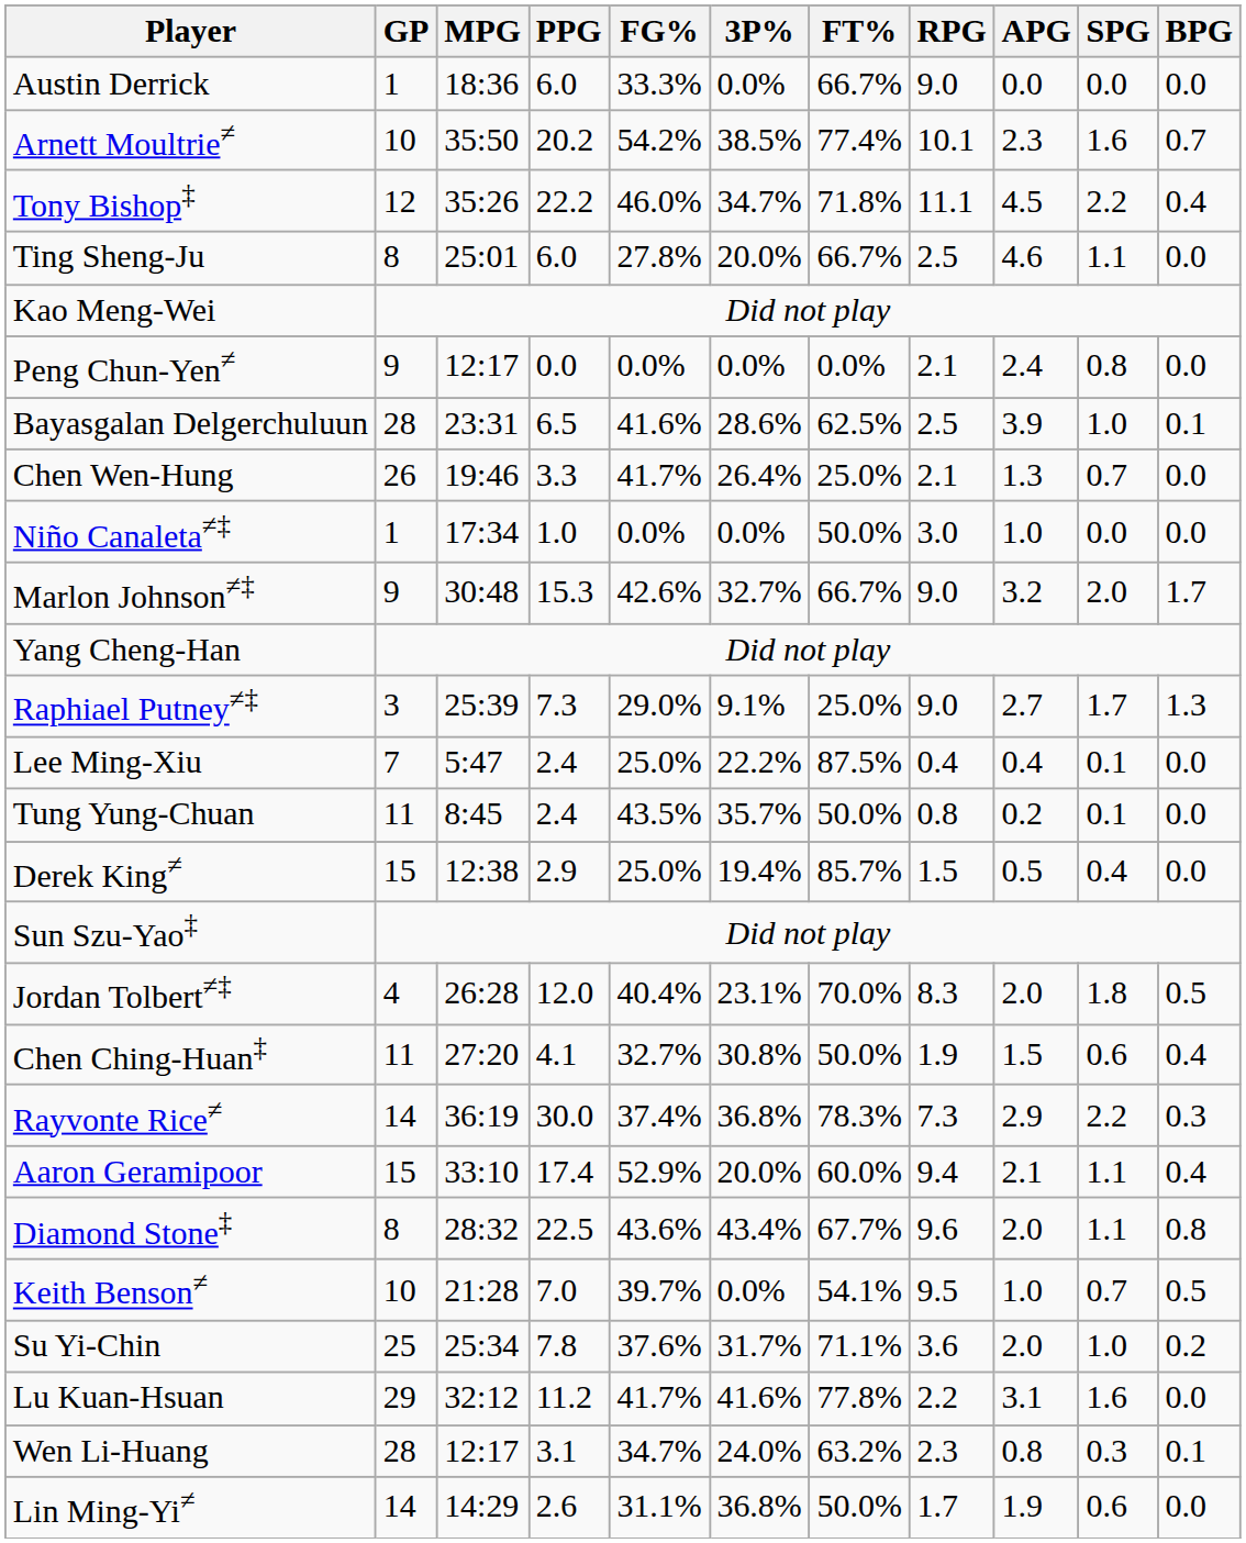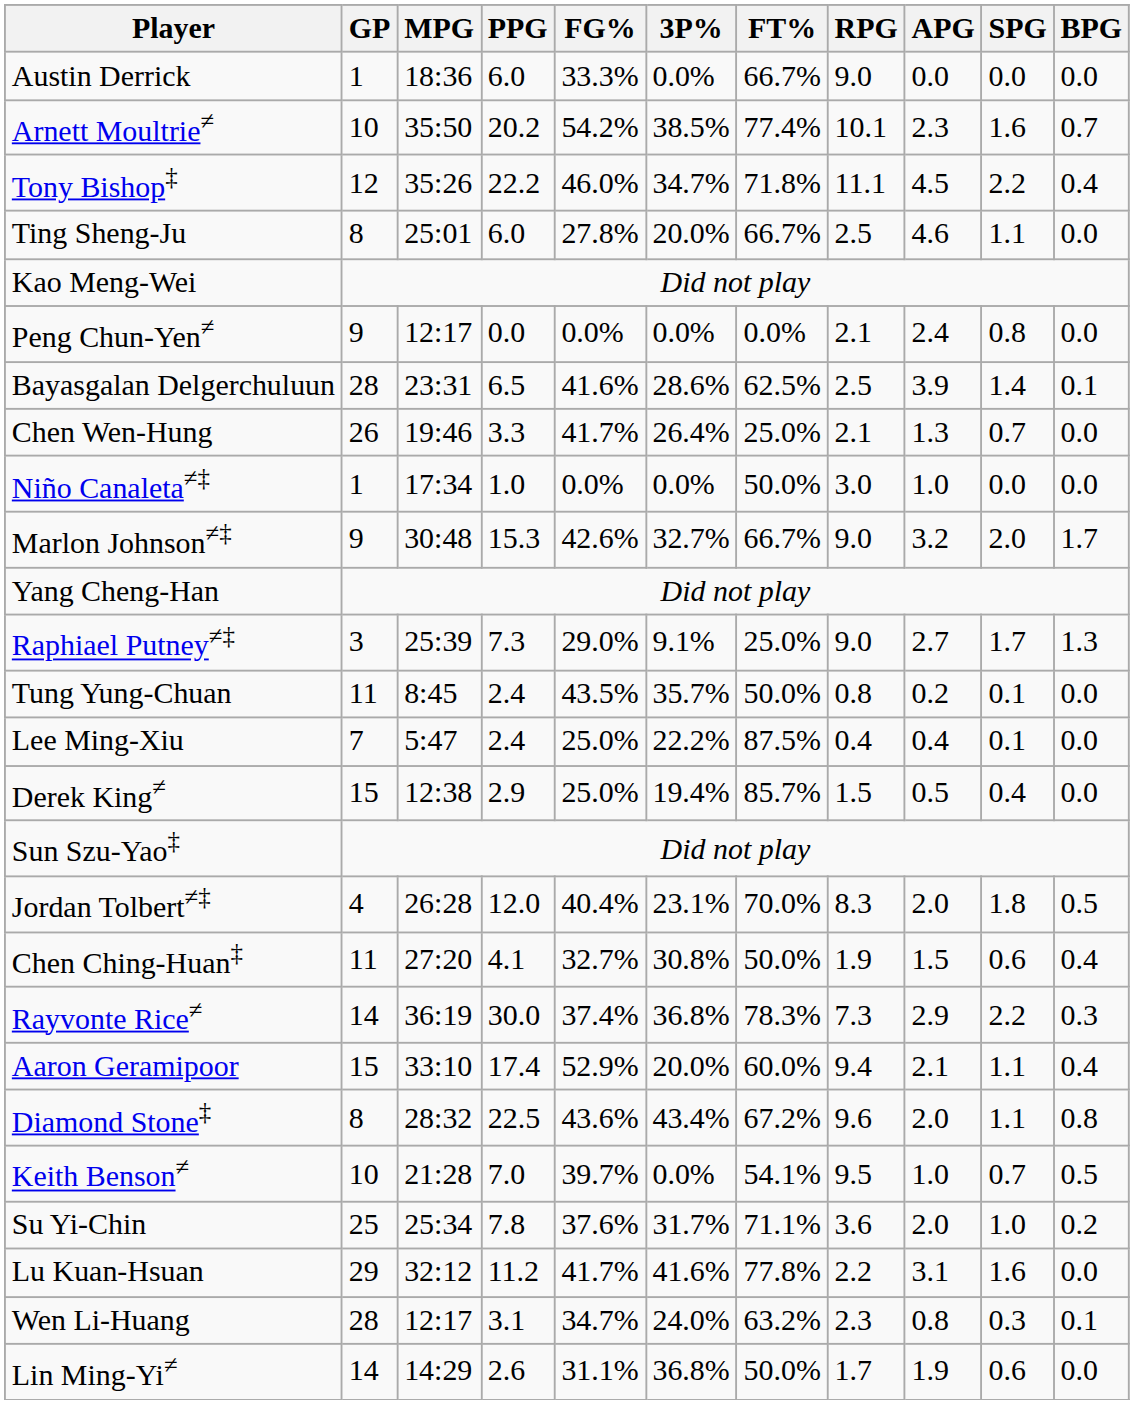 <table class="wikitable">
 <tr>
 <th>Player</th>
 <th>GP</th>
 <th>MPG</th>
 <th>PPG</th>
 <th>FG%</th>
 <th>3P%</th>
 <th>FT%</th>
 <th>RPG</th>
 <th>APG</th>
 <th>SPG</th>
 <th>BPG</th>
 </tr>
 <tr>
 <td>Austin Derrick</td>
 <td>1</td>
 <td>18:36</td>
 <td>6.0</td>
 <td>33.3%</td>
 <td>0.0%</td>
 <td>66.7%</td>
 <td>9.0</td>
 <td>0.0</td>
 <td>0.0</td>
 <td>0.0</td>
 </tr>
 <tr>
 <td><a href='#'>Arnett Moultrie</a><sup>≠</sup></td>
 <td>10</td>
 <td>35:50</td>
 <td>20.2</td>
 <td>54.2%</td>
 <td>38.5%</td>
 <td>77.4%</td>
 <td>10.1</td>
 <td>2.3</td>
 <td>1.6</td>
 <td>0.7</td>
 </tr>
 <tr>
 <td><a href='#'>Tony Bishop</a><sup>‡</sup></td>
 <td>12</td>
 <td>35:26</td>
 <td>22.2</td>
 <td>46.0%</td>
 <td>34.7%</td>
 <td>71.8%</td>
 <td>11.1</td>
 <td>4.5</td>
 <td>2.2</td>
 <td>0.4</td>
 </tr>
 <tr>
 <td>Ting Sheng-Ju</td>
 <td>8</td>
 <td>25:01</td>
 <td>6.0</td>
 <td>27.8%</td>
 <td>20.0%</td>
 <td>66.7%</td>
 <td>2.5</td>
 <td>4.6</td>
 <td>1.1</td>
 <td>0.0</td>
 </tr>
 <tr>
 <td>Kao Meng-Wei</td>
 <td colspan=10 align=center><em>Did not play</em></td>
 </tr>
 <tr>
 <td>Peng Chun-Yen<sup>≠</sup></td>
 <td>9</td>
 <td>12:17</td>
 <td>0.0</td>
 <td>0.0%</td>
 <td>0.0%</td>
 <td>0.0%</td>
 <td>2.1</td>
 <td>2.4</td>
 <td>0.8</td>
 <td>0.0</td>
 </tr>
 <tr>
 <td>Bayasgalan Delgerchuluun</td>
 <td>28</td>
 <td>23:31</td>
 <td>6.5</td>
 <td>41.6%</td>
 <td>28.6%</td>
 <td>62.5%</td>
 <td>2.5</td>
 <td>3.9</td>
-<td>1.0</td>
+<td>1.4</td>
 <td>0.1</td>
 </tr>
 <tr>
 <td>Chen Wen-Hung</td>
 <td>26</td>
 <td>19:46</td>
 <td>3.3</td>
 <td>41.7%</td>
 <td>26.4%</td>
 <td>25.0%</td>
 <td>2.1</td>
 <td>1.3</td>
 <td>0.7</td>
 <td>0.0</td>
 </tr>
 <tr>
 <td><a href='#'>Niño Canaleta</a><sup>≠‡</sup></td>
 <td>1</td>
 <td>17:34</td>
 <td>1.0</td>
 <td>0.0%</td>
 <td>0.0%</td>
 <td>50.0%</td>
 <td>3.0</td>
 <td>1.0</td>
 <td>0.0</td>
 <td>0.0</td>
 </tr>
 <tr>
 <td>Marlon Johnson<sup>≠‡</sup></td>
 <td>9</td>
 <td>30:48</td>
 <td>15.3</td>
 <td>42.6%</td>
 <td>32.7%</td>
 <td>66.7%</td>
 <td>9.0</td>
 <td>3.2</td>
 <td>2.0</td>
 <td>1.7</td>
 </tr>
 <tr>
 <td>Yang Cheng-Han</td>
 <td colspan=10 align=center><em>Did not play</em></td>
 </tr>
 <tr>
 <td><a href='#'>Raphiael Putney</a><sup>≠‡</sup></td>
 <td>3</td>
 <td>25:39</td>
 <td>7.3</td>
 <td>29.0%</td>
 <td>9.1%</td>
 <td>25.0%</td>
 <td>9.0</td>
 <td>2.7</td>
 <td>1.7</td>
 <td>1.3</td>
 </tr>
 <tr>
+<td>Tung Yung-Chuan</td>
+<td>11</td>
+<td>8:45</td>
+<td>2.4</td>
+<td>43.5%</td>
+<td>35.7%</td>
+<td>50.0%</td>
+<td>0.8</td>
+<td>0.2</td>
+<td>0.1</td>
+<td>0.0</td>
+</tr>
+<tr>
 <td>Lee Ming-Xiu</td>
 <td>7</td>
 <td>5:47</td>
 <td>2.4</td>
 <td>25.0%</td>
 <td>22.2%</td>
 <td>87.5%</td>
 <td>0.4</td>
 <td>0.4</td>
-<td>0.1</td>
-<td>0.0</td>
-</tr>
-<tr>
-<td>Tung Yung-Chuan</td>
-<td>11</td>
-<td>8:45</td>
-<td>2.4</td>
-<td>43.5%</td>
-<td>35.7%</td>
-<td>50.0%</td>
-<td>0.8</td>
-<td>0.2</td>
 <td>0.1</td>
 <td>0.0</td>
 </tr>
 <tr>
 <td>Derek King<sup>≠</sup></td>
 <td>15</td>
 <td>12:38</td>
 <td>2.9</td>
 <td>25.0%</td>
 <td>19.4%</td>
 <td>85.7%</td>
 <td>1.5</td>
 <td>0.5</td>
 <td>0.4</td>
 <td>0.0</td>
 </tr>
 <tr>
 <td>Sun Szu-Yao<sup>‡</sup></td>
 <td colspan=10 align=center><em>Did not play</em></td>
 </tr>
 <tr>
 <td>Jordan Tolbert<sup>≠‡</sup></td>
 <td>4</td>
 <td>26:28</td>
 <td>12.0</td>
 <td>40.4%</td>
 <td>23.1%</td>
 <td>70.0%</td>
 <td>8.3</td>
 <td>2.0</td>
 <td>1.8</td>
 <td>0.5</td>
 </tr>
 <tr>
 <td>Chen Ching-Huan<sup>‡</sup></td>
 <td>11</td>
 <td>27:20</td>
 <td>4.1</td>
 <td>32.7%</td>
 <td>30.8%</td>
 <td>50.0%</td>
 <td>1.9</td>
 <td>1.5</td>
 <td>0.6</td>
 <td>0.4</td>
 </tr>
 <tr>
 <td><a href='#'>Rayvonte Rice</a><sup>≠</sup></td>
 <td>14</td>
 <td>36:19</td>
 <td>30.0</td>
 <td>37.4%</td>
 <td>36.8%</td>
 <td>78.3%</td>
 <td>7.3</td>
 <td>2.9</td>
 <td>2.2</td>
 <td>0.3</td>
 </tr>
 <tr>
 <td><a href='#'>Aaron Geramipoor</a></td>
 <td>15</td>
 <td>33:10</td>
 <td>17.4</td>
 <td>52.9%</td>
 <td>20.0%</td>
 <td>60.0%</td>
 <td>9.4</td>
 <td>2.1</td>
 <td>1.1</td>
 <td>0.4</td>
 </tr>
 <tr>
 <td><a href='#'>Diamond Stone</a><sup>‡</sup></td>
 <td>8</td>
 <td>28:32</td>
 <td>22.5</td>
 <td>43.6%</td>
 <td>43.4%</td>
-<td>67.7%</td>
+<td>67.2%</td>
 <td>9.6</td>
 <td>2.0</td>
 <td>1.1</td>
 <td>0.8</td>
 </tr>
 <tr>
 <td><a href='#'>Keith Benson</a><sup>≠</sup></td>
 <td>10</td>
 <td>21:28</td>
 <td>7.0</td>
 <td>39.7%</td>
 <td>0.0%</td>
 <td>54.1%</td>
 <td>9.5</td>
 <td>1.0</td>
 <td>0.7</td>
 <td>0.5</td>
 </tr>
 <tr>
 <td>Su Yi-Chin</td>
 <td>25</td>
 <td>25:34</td>
 <td>7.8</td>
 <td>37.6%</td>
 <td>31.7%</td>
 <td>71.1%</td>
 <td>3.6</td>
 <td>2.0</td>
 <td>1.0</td>
 <td>0.2</td>
 </tr>
 <tr>
 <td>Lu Kuan-Hsuan</td>
 <td>29</td>
 <td>32:12</td>
 <td>11.2</td>
 <td>41.7%</td>
 <td>41.6%</td>
 <td>77.8%</td>
 <td>2.2</td>
 <td>3.1</td>
 <td>1.6</td>
 <td>0.0</td>
 </tr>
 <tr>
 <td>Wen Li-Huang</td>
 <td>28</td>
 <td>12:17</td>
 <td>3.1</td>
 <td>34.7%</td>
 <td>24.0%</td>
 <td>63.2%</td>
 <td>2.3</td>
 <td>0.8</td>
 <td>0.3</td>
 <td>0.1</td>
 </tr>
 <tr>
 <td>Lin Ming-Yi<sup>≠</sup></td>
 <td>14</td>
 <td>14:29</td>
 <td>2.6</td>
 <td>31.1%</td>
 <td>36.8%</td>
 <td>50.0%</td>
 <td>1.7</td>
 <td>1.9</td>
 <td>0.6</td>
 <td>0.0</td>
 </tr>
 </table>
